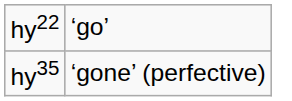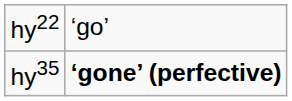 <table class="wikitable">
 <tr>
 <td>hy<sup>22</sup></td>
 <td>‘go’</td>
 </tr>
 <tr>
 <td>hy<sup>35</sup></td>
-<td>‘gone’ (perfective)</td>
+<td><strong>‘gone’ (perfective)</strong></td>
 </tr>
 </table>
